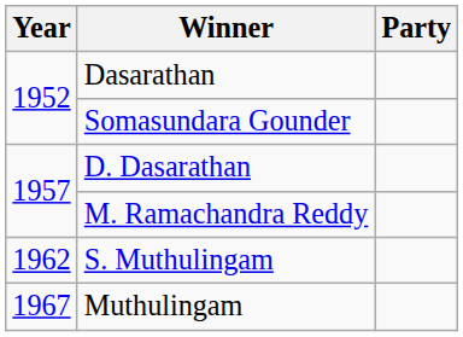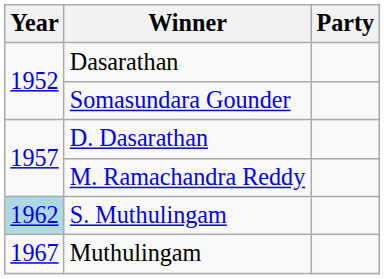 <table class="wikitable sortable">
 <tr>
 <th>Year</th>
 <th>Winner</th>
 <th colspan="2">Party</th>
 </tr>
 <tr>
 <td rowspan=2><a href='#'>1952</a></td>
 <td>Dasarathan</td>
 <td></td>
 </tr>
 <tr>
 <td><a href='#'>Somasundara Gounder</a></td>
 <td></td>
 </tr>
 <tr>
 <td rowspan=2><a href='#'>1957</a></td>
 <td><a href='#'>D. Dasarathan</a></td>
 <td></td>
 </tr>
 <tr>
 <td><a href='#'>M. Ramachandra Reddy</a></td>
 </tr>
 <tr>
-<td><a href='#'>1962</a></td>
+<td style="background: lightblue;"><a href='#'>1962</a></td>
 <td><a href='#'>S. Muthulingam</a></td>
 <td></td>
 </tr>
 <tr>
 <td><a href='#'>1967</a></td>
 <td>Muthulingam</td>
 <td></td>
 </tr>
 </table>
